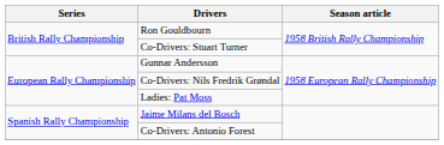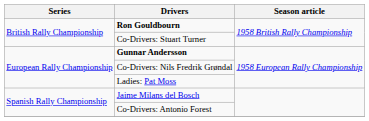 <table class="wikitable" style="font-size: 87%;">
 <tr>
 <th>Series</th>
 <th>Drivers</th>
 <th>Season article</th>
 </tr>
 <tr>
 <td rowspan=2><a href='#'>British Rally Championship</a></td>
-<td> Ron Gouldbourn</td>
+<td><strong> Ron Gouldbourn</strong></td>
 <td rowspan=2><em><a href='#'>1958 British Rally Championship</a></em></td>
 </tr>
 <tr>
 <td>Co-Drivers:  Stuart Turner</td>
 </tr>
 <tr>
 <td rowspan=3><a href='#'>European Rally Championship</a></td>
-<td> Gunnar Andersson</td>
+<td><strong> Gunnar Andersson</strong></td>
 <td rowspan=3><em><a href='#'>1958 European Rally Championship</a></em></td>
 </tr>
 <tr>
 <td>Co-Drivers:  Nils Fredrik Grøndal</td>
 </tr>
 <tr>
 <td>Ladies:  <a href='#'>Pat Moss</a></td>
 </tr>
 <tr>
 <td rowspan=2><a href='#'>Spanish Rally Championship</a></td>
 <td> <a href='#'>Jaime Milans del Bosch</a></td>
 <td rowspan=2></td>
 </tr>
 <tr>
 <td>Co-Drivers:   Antonio Forest</td>
 </tr>
 <tr>
 </tr>
 </table>
